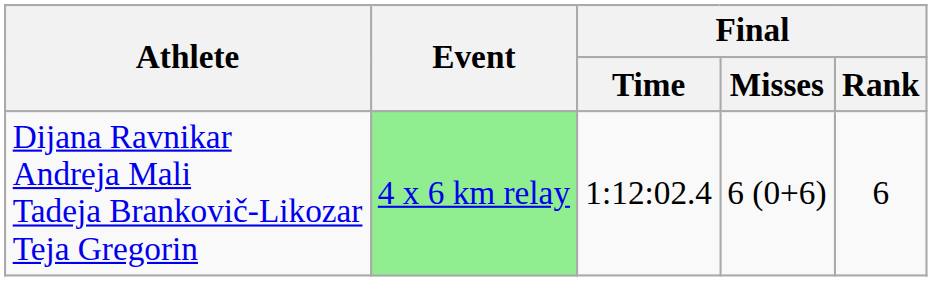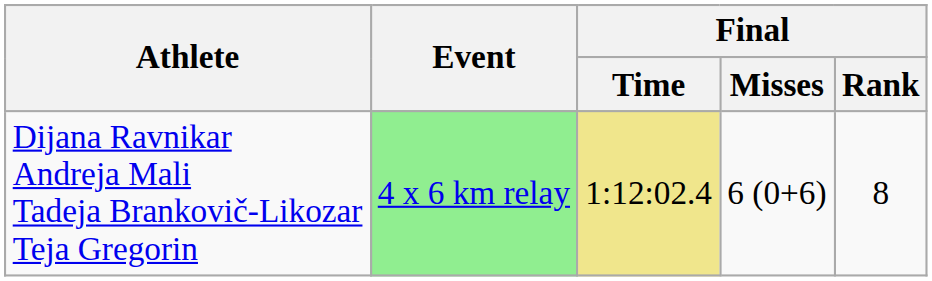 <table class="wikitable">
 <tr>
 <th rowspan="2">Athlete</th>
 <th rowspan="2">Event</th>
 <th colspan="3">Final</th>
 </tr>
 <tr>
 <th>Time</th>
 <th>Misses</th>
 <th>Rank</th>
 </tr>
 <tr align="center">
 <td align="left"><a href='#'>Dijana Ravnikar</a><br><a href='#'>Andreja Mali</a><br><a href='#'>Tadeja Brankovič-Likozar</a><br><a href='#'>Teja Gregorin</a></td>
 <td style="background: lightgreen;"><a href='#'>4 x 6 km relay</a></td>
-<td>1:12:02.4</td>
+<td style="background: khaki;">1:12:02.4</td>
 <td>6 (0+6)</td>
-<td>6</td>
+<td>8</td>
 </tr>
 </table>
